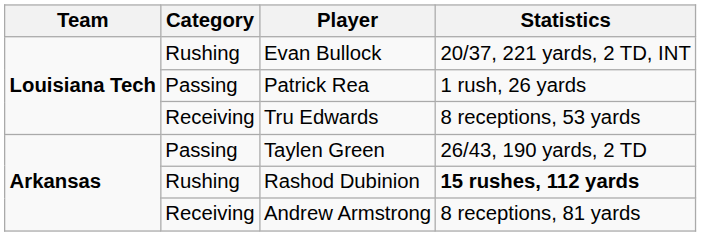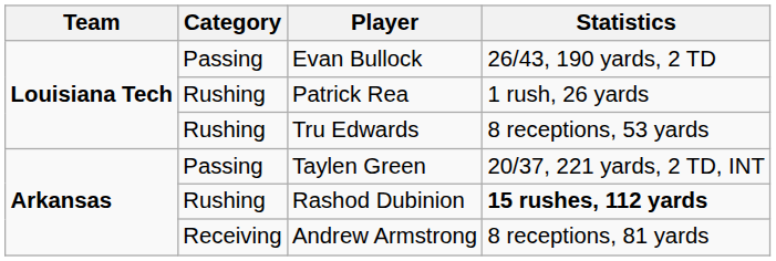 <table class="wikitable" style="float: right;">
 <tr>
 <th>Team</th>
 <th>Category</th>
 <th>Player</th>
 <th>Statistics</th>
 </tr>
 <tr>
 <td rowspan=3><strong>Louisiana Tech</strong></td>
-<td>Rushing</td>
+<td>Passing</td>
 <td>Evan Bullock</td>
-<td>20/37, 221 yards, 2 TD, INT</td>
+<td>26/43, 190 yards, 2 TD</td>
 </tr>
 <tr>
-<td>Passing</td>
+<td>Rushing</td>
 <td>Patrick Rea</td>
 <td>1 rush, 26 yards</td>
 </tr>
 <tr>
-<td>Receiving</td>
+<td>Rushing</td>
 <td>Tru Edwards</td>
 <td>8 receptions, 53 yards</td>
 </tr>
 <tr>
 <td rowspan=3><strong>Arkansas</strong></td>
 <td>Passing</td>
 <td>Taylen Green</td>
-<td>26/43, 190 yards, 2 TD</td>
+<td>20/37, 221 yards, 2 TD, INT</td>
 </tr>
 <tr>
 <td>Rushing</td>
 <td>Rashod Dubinion</td>
 <td><strong>15 rushes, 112 yards</strong></td>
 </tr>
 <tr>
 <td>Receiving</td>
 <td>Andrew Armstrong</td>
 <td>8 receptions, 81 yards</td>
 </tr>
 </table>
